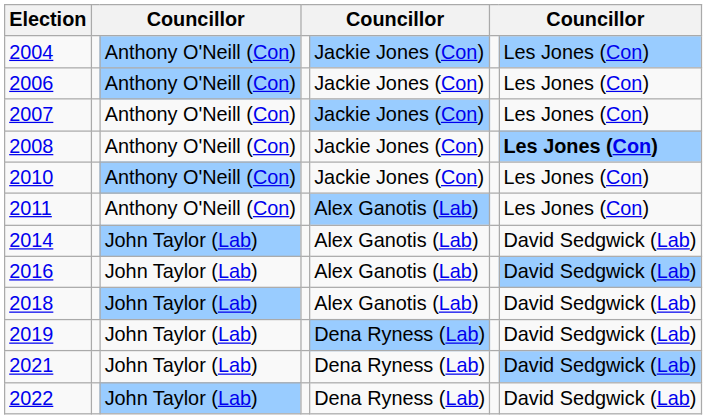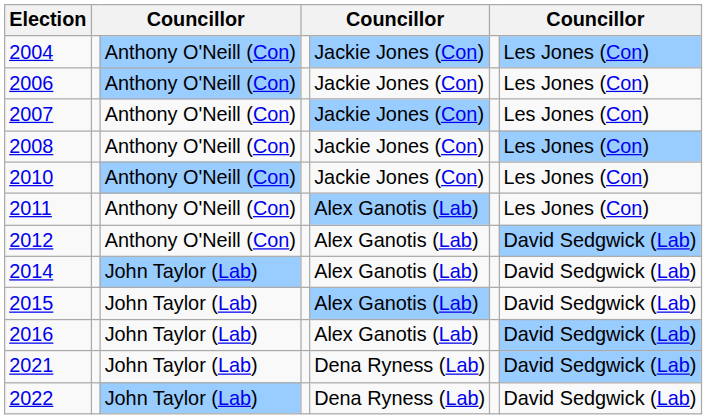 <table class="wikitable">
 <tr>
 <th>Election</th>
 <th colspan="2">Councillor</th>
 <th colspan="2">Councillor</th>
 <th colspan="2">Councillor</th>
 </tr>
 <tr>
 <td><a href='#'>2004</a></td>
 <td style="background-color: "></td>
 <td bgcolor="#99CCFF">Anthony O'Neill (<a href='#'>Con</a>)</td>
 <td style="background-color: "></td>
 <td bgcolor="#99CCFF">Jackie Jones (<a href='#'>Con</a>)</td>
 <td style="background-color: "></td>
 <td bgcolor="#99CCFF">Les Jones (<a href='#'>Con</a>)</td>
 </tr>
 <tr>
 <td><a href='#'>2006</a></td>
 <td style="background-color: "></td>
 <td bgcolor="#99CCFF">Anthony O'Neill (<a href='#'>Con</a>)</td>
 <td style="background-color: "></td>
 <td>Jackie Jones (<a href='#'>Con</a>)</td>
 <td style="background-color: "></td>
 <td>Les Jones (<a href='#'>Con</a>)</td>
 </tr>
 <tr>
 <td><a href='#'>2007</a></td>
 <td style="background-color: "></td>
 <td>Anthony O'Neill (<a href='#'>Con</a>)</td>
 <td style="background-color: "></td>
 <td bgcolor="#99CCFF">Jackie Jones (<a href='#'>Con</a>)</td>
 <td style="background-color: "></td>
 <td>Les Jones (<a href='#'>Con</a>)</td>
 </tr>
 <tr>
 <td><a href='#'>2008</a></td>
 <td style="background-color: "></td>
 <td>Anthony O'Neill (<a href='#'>Con</a>)</td>
 <td style="background-color: "></td>
 <td>Jackie Jones (<a href='#'>Con</a>)</td>
 <td style="background-color: "></td>
-<td bgcolor="#99CCFF"><strong>Les Jones (<a href='#'>Con</a>)</strong></td>
+<td bgcolor="#99CCFF">Les Jones (<a href='#'>Con</a>)</td>
 </tr>
 <tr>
 <td><a href='#'>2010</a></td>
 <td style="background-color: "></td>
 <td bgcolor="#99CCFF">Anthony O'Neill (<a href='#'>Con</a>)</td>
 <td style="background-color: "></td>
 <td>Jackie Jones (<a href='#'>Con</a>)</td>
 <td style="background-color: "></td>
 <td>Les Jones (<a href='#'>Con</a>)</td>
 </tr>
 <tr>
 <td><a href='#'>2011</a></td>
 <td style="background-color: "></td>
 <td>Anthony O'Neill (<a href='#'>Con</a>)</td>
 <td style="background-color: "></td>
 <td bgcolor="#99CCFF">Alex Ganotis (<a href='#'>Lab</a>)</td>
 <td style="background-color: "></td>
 <td>Les Jones (<a href='#'>Con</a>)</td>
 </tr>
 <tr>
+<td><a href='#'>2012</a></td>
+<td style="background-color: "></td>
+<td>Anthony O'Neill (<a href='#'>Con</a>)</td>
+<td style="background-color: "></td>
+<td>Alex Ganotis (<a href='#'>Lab</a>)</td>
+<td style="background-color: "></td>
+<td bgcolor="#99CCFF">David Sedgwick (<a href='#'>Lab</a>)</td>
+</tr>
+<tr>
 <td><a href='#'>2014</a></td>
 <td style="background-color: "></td>
 <td bgcolor="#99CCFF">John Taylor (<a href='#'>Lab</a>)</td>
 <td style="background-color: "></td>
 <td>Alex Ganotis (<a href='#'>Lab</a>)</td>
+<td style="background-color: "></td>
+<td>David Sedgwick (<a href='#'>Lab</a>)</td>
+</tr>
+<tr>
+<td><a href='#'>2015</a></td>
+<td style="background-color: "></td>
+<td>John Taylor (<a href='#'>Lab</a>)</td>
+<td style="background-color: "></td>
+<td bgcolor="#99CCFF">Alex Ganotis (<a href='#'>Lab</a>)</td>
 <td style="background-color: "></td>
 <td>David Sedgwick (<a href='#'>Lab</a>)</td>
 </tr>
 <tr>
 <td><a href='#'>2016</a></td>
 <td style="background-color: "></td>
 <td>John Taylor (<a href='#'>Lab</a>)</td>
 <td style="background-color: "></td>
 <td>Alex Ganotis (<a href='#'>Lab</a>)</td>
 <td style="background-color: "></td>
 <td bgcolor="#99CCFF">David Sedgwick (<a href='#'>Lab</a>)</td>
-</tr>
-<tr>
-<td><a href='#'>2018</a></td>
-<td style="background-color: "></td>
-<td bgcolor="#99CCFF">John Taylor (<a href='#'>Lab</a>)</td>
-<td style="background-color: "></td>
-<td>Alex Ganotis (<a href='#'>Lab</a>)</td>
-<td style="background-color: "></td>
-<td>David Sedgwick (<a href='#'>Lab</a>)</td>
-</tr>
-<tr>
-<td><a href='#'>2019</a></td>
-<td style="background-color: "></td>
-<td>John Taylor (<a href='#'>Lab</a>)</td>
-<td style="background-color: "></td>
-<td bgcolor="#99CCFF">Dena Ryness (<a href='#'>Lab</a>)</td>
-<td style="background-color: "></td>
-<td>David Sedgwick (<a href='#'>Lab</a>)</td>
 </tr>
 <tr>
 <td><a href='#'>2021</a></td>
 <td style="background-color: "></td>
 <td>John Taylor (<a href='#'>Lab</a>)</td>
 <td style="background-color: "></td>
 <td>Dena Ryness (<a href='#'>Lab</a>)</td>
 <td style="background-color: "></td>
 <td bgcolor="#99CCFF">David Sedgwick (<a href='#'>Lab</a>)</td>
 </tr>
 <tr>
 <td><a href='#'>2022</a></td>
 <td style="background-color: "></td>
 <td bgcolor="#99CCFF">John Taylor (<a href='#'>Lab</a>)</td>
 <td style="background-color: "></td>
 <td>Dena Ryness (<a href='#'>Lab</a>)</td>
 <td style="background-color: "></td>
 <td>David Sedgwick (<a href='#'>Lab</a>)</td>
 </tr>
 </table>
